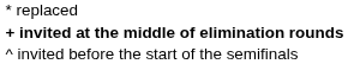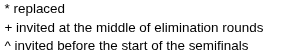 <table>
 <tr>
 <td>* replaced</td>
 </tr>
 <tr>
-<td><strong>+ invited at the middle of elimination rounds</strong></td>
+<td>+ invited at the middle of elimination rounds</td>
 </tr>
 <tr>
 <td>^ invited before the start of the semifinals</td>
 </tr>
 </table>
